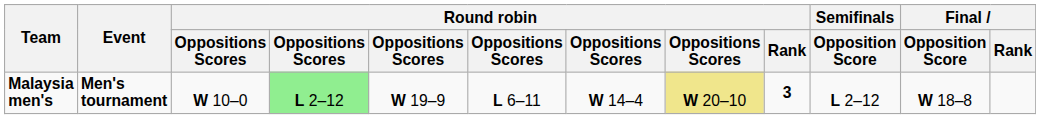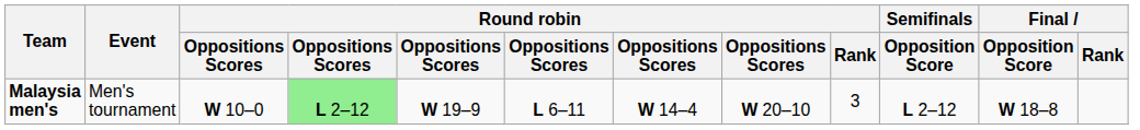 <table class=wikitable style="font-size:90%; text-align:center;">
 <tr>
 <th rowspan=2>Team</th>
 <th rowspan=2>Event</th>
 <th colspan=7>Round robin</th>
 <th>Semifinals</th>
 <th colspan=2>Final / </th>
 </tr>
 <tr>
 <th>Oppositions<br>Scores</th>
 <th>Oppositions<br>Scores</th>
 <th>Oppositions<br>Scores</th>
 <th>Oppositions<br>Scores</th>
 <th>Oppositions<br>Scores</th>
 <th>Oppositions<br>Scores</th>
 <th>Rank</th>
 <th>Opposition<br>Score</th>
 <th>Opposition<br>Score</th>
 <th>Rank</th>
 </tr>
 <tr>
 <td align=left><strong>Malaysia men's</strong></td>
-<td align=left><strong>Men's tournament</strong></td>
+<td align=left>Men's tournament</td>
 <td><br><strong>W</strong> 10–0</td>
 <td style="background: lightgreen;"><br><strong>L</strong> 2–12</td>
 <td><br><strong>W</strong> 19–9</td>
 <td><br><strong>L</strong> 6–11</td>
 <td><br><strong>W</strong> 14–4</td>
-<td style="background: khaki;"><br><strong>W</strong> 20–10</td>
-<td><strong>3</strong></td>
+<td><br><strong>W</strong> 20–10</td>
+<td>3</td>
 <td><br><strong>L</strong> 2–12</td>
 <td><br><strong>W</strong> 18–8</td>
 <td></td>
 </tr>
 </table>
